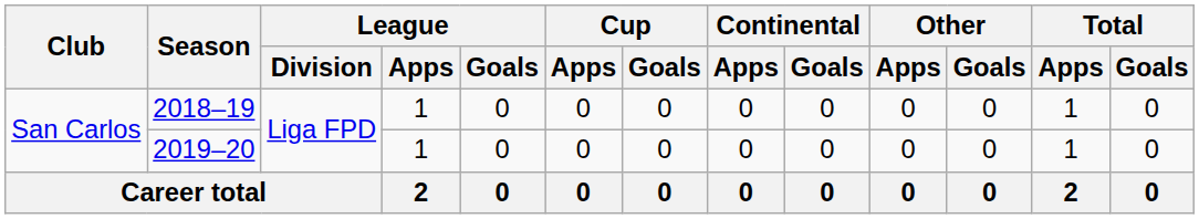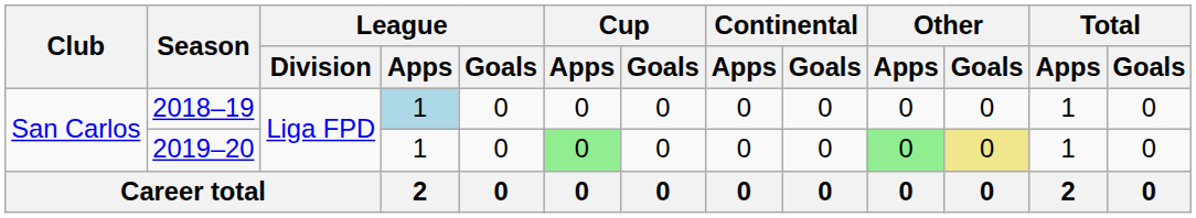 <table class="wikitable" style="text-align: center">
 <tr>
 <th rowspan="2">Club</th>
 <th rowspan="2">Season</th>
 <th colspan="3">League</th>
 <th colspan="2">Cup</th>
 <th colspan="2">Continental</th>
 <th colspan="2">Other</th>
 <th colspan="2">Total</th>
 </tr>
 <tr>
 <th>Division</th>
 <th>Apps</th>
 <th>Goals</th>
 <th>Apps</th>
 <th>Goals</th>
 <th>Apps</th>
 <th>Goals</th>
 <th>Apps</th>
 <th>Goals</th>
 <th>Apps</th>
 <th>Goals</th>
 </tr>
 <tr>
 <td rowspan="2"><a href='#'>San Carlos</a></td>
 <td><a href='#'>2018–19</a></td>
 <td rowspan="2"><a href='#'>Liga FPD</a></td>
-<td>1</td>
+<td style="background: lightblue;">1</td>
 <td>0</td>
 <td>0</td>
 <td>0</td>
 <td>0</td>
 <td>0</td>
 <td>0</td>
 <td>0</td>
 <td>1</td>
 <td>0</td>
 </tr>
 <tr>
 <td><a href='#'>2019–20</a></td>
 <td>1</td>
 <td>0</td>
+<td style="background: lightgreen;">0</td>
 <td>0</td>
 <td>0</td>
 <td>0</td>
-<td>0</td>
-<td>0</td>
-<td>0</td>
+<td style="background: lightgreen;">0</td>
+<td style="background: khaki;">0</td>
 <td>1</td>
 <td>0</td>
 </tr>
 <tr>
 <th colspan="3"><strong>Career total</strong></th>
 <th>2</th>
 <th>0</th>
 <th>0</th>
 <th>0</th>
 <th>0</th>
 <th>0</th>
 <th>0</th>
 <th>0</th>
 <th>2</th>
 <th>0</th>
 </tr>
 </table>
